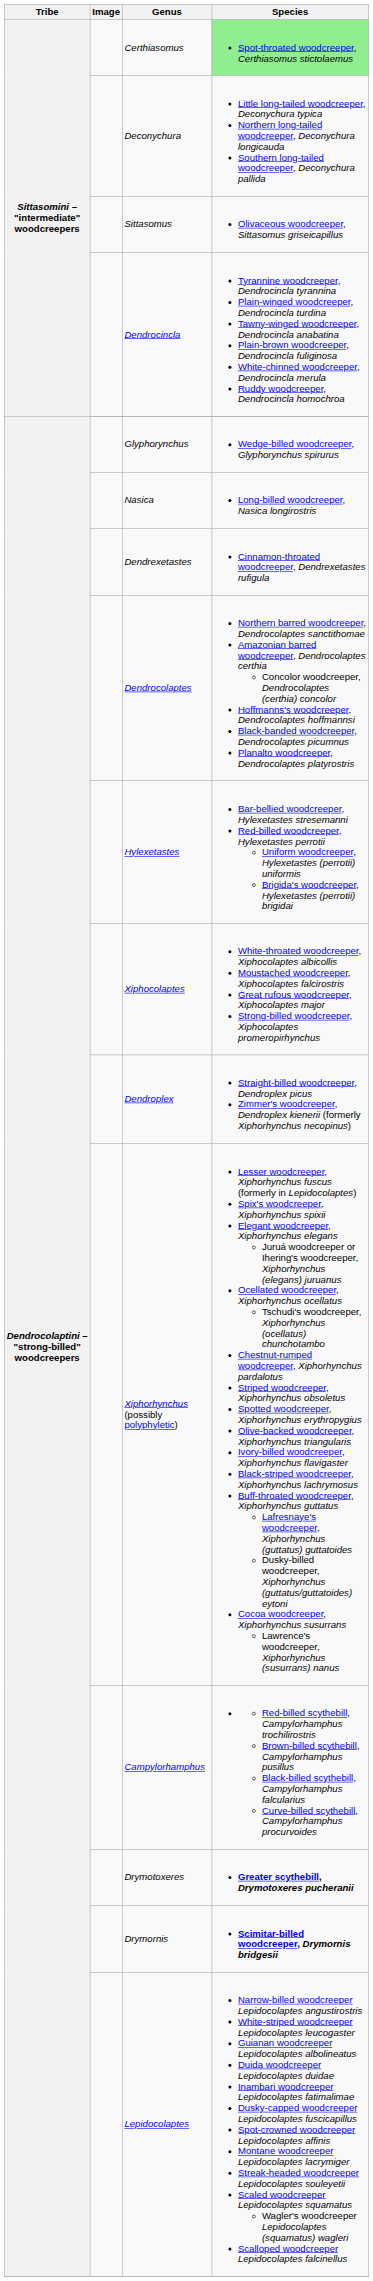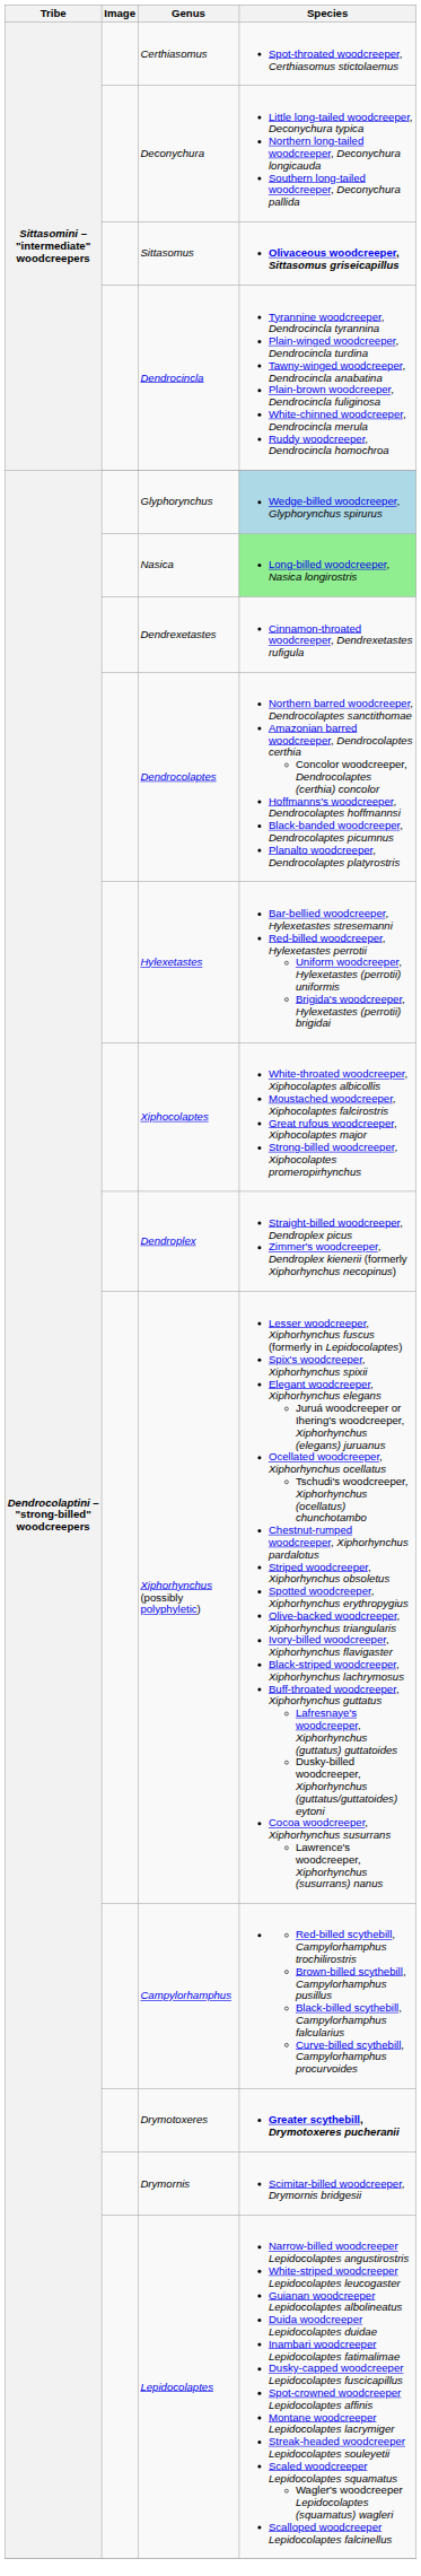 <table class="wikitable collapsible">
 <tr>
 <th>Tribe</th>
 <th>Image</th>
 <th>Genus</th>
 <th>Species</th>
 </tr>
 <tr>
 <th rowspan="4" style="text-align:center;"><em>Sittasomini</em> – "intermediate" woodcreepers </th>
 <td></td>
 <td><em>Certhiasomus</em> </td>
-<td style="background: lightgreen;"><br><ul><li><a href='#'>Spot-throated woodcreeper</a>, <em>Certhiasomus stictolaemus</em></li></ul></td>
+<td><br><ul><li><a href='#'>Spot-throated woodcreeper</a>, <em>Certhiasomus stictolaemus</em></li></ul></td>
 </tr>
 <tr>
 <td></td>
 <td><em>Deconychura</em> </td>
 <td><br><ul><li><a href='#'>Little long-tailed woodcreeper</a>, <em>Deconychura typica</em></li><li><a href='#'>Northern long-tailed woodcreeper</a>, <em>Deconychura longicauda</em></li><li><a href='#'>Southern long-tailed woodcreeper</a>, <em>Deconychura pallida</em></li></ul></td>
 </tr>
 <tr>
 <td></td>
 <td><em>Sittasomus</em> </td>
-<td><br><ul><li><a href='#'>Olivaceous woodcreeper</a>, <em>Sittasomus griseicapillus</em></li></ul></td>
+<td><strong><br><ul><li><a href='#'>Olivaceous woodcreeper</a>, <em>Sittasomus griseicapillus</em></li></ul></strong></td>
 </tr>
 <tr>
 <td></td>
 <td><em><a href='#'>Dendrocincla</a></em> </td>
 <td><br><ul><li><a href='#'>Tyrannine woodcreeper</a>, <em>Dendrocincla tyrannina</em></li><li><a href='#'>Plain-winged woodcreeper</a>, <em>Dendrocincla turdina</em></li><li><a href='#'>Tawny-winged woodcreeper</a>, <em>Dendrocincla anabatina</em></li><li><a href='#'>Plain-brown woodcreeper</a>, <em>Dendrocincla fuliginosa</em></li><li><a href='#'>White-chinned woodcreeper</a>, <em>Dendrocincla merula</em></li><li><a href='#'>Ruddy woodcreeper</a>, <em>Dendrocincla homochroa</em></li></ul></td>
 </tr>
 <tr>
 <th rowspan="13" style="text-align:center;"><em>Dendrocolaptini</em> – "strong-billed" woodcreepers </th>
 </tr>
 <tr>
 <td></td>
 <td><em>Glyphorynchus</em> </td>
-<td><br><ul><li><a href='#'>Wedge-billed woodcreeper</a>, <em>Glyphorynchus spirurus</em></li></ul></td>
+<td style="background: lightblue;"><br><ul><li><a href='#'>Wedge-billed woodcreeper</a>, <em>Glyphorynchus spirurus</em></li></ul></td>
 </tr>
 <tr>
 <td></td>
 <td><em>Nasica</em> </td>
-<td><br><ul><li><a href='#'>Long-billed woodcreeper</a>, <em>Nasica longirostris</em></li></ul></td>
+<td style="background: lightgreen;"><br><ul><li><a href='#'>Long-billed woodcreeper</a>, <em>Nasica longirostris</em></li></ul></td>
 </tr>
 <tr>
 <td></td>
 <td><em>Dendrexetastes</em> </td>
 <td><br><ul><li><a href='#'>Cinnamon-throated woodcreeper</a>, <em>Dendrexetastes rufigula</em></li></ul></td>
 </tr>
 <tr>
 <td></td>
 <td><em><a href='#'>Dendrocolaptes</a></em> </td>
 <td><br><ul><li><a href='#'>Northern barred woodcreeper</a>, <em>Dendrocolaptes sanctithomae</em></li><li><a href='#'>Amazonian barred woodcreeper</a>, <em>Dendrocolaptes certhia</em><ul><li>Concolor woodcreeper, <em>Dendrocolaptes (certhia) concolor</em></li></ul></li><li><a href='#'>Hoffmanns's woodcreeper</a>, <em>Dendrocolaptes hoffmannsi</em></li><li><a href='#'>Black-banded woodcreeper</a>, <em>Dendrocolaptes picumnus</em></li><li><a href='#'>Planalto woodcreeper</a>, <em>Dendrocolaptes platyrostris</em></li></ul></td>
 </tr>
 <tr>
 <td></td>
 <td><em><a href='#'>Hylexetastes</a></em> </td>
 <td><br><ul><li><a href='#'>Bar-bellied woodcreeper</a>, <em>Hylexetastes stresemanni</em></li><li><a href='#'>Red-billed woodcreeper</a>, <em>Hylexetastes perrotii</em><ul><li><a href='#'>Uniform woodcreeper</a>, <em>Hylexetastes (perrotii) uniformis</em></li><li><a href='#'>Brigida's woodcreeper</a>, <em>Hylexetastes (perrotii) brigidai</em></li></ul></li></ul></td>
 </tr>
 <tr>
 <td></td>
 <td><em><a href='#'>Xiphocolaptes</a></em> </td>
 <td><br><ul><li><a href='#'>White-throated woodcreeper</a>, <em>Xiphocolaptes albicollis</em></li><li><a href='#'>Moustached woodcreeper</a>, <em>Xiphocolaptes falcirostris</em></li><li><a href='#'>Great rufous woodcreeper</a>, <em>Xiphocolaptes major</em></li><li><a href='#'>Strong-billed woodcreeper</a>, <em>Xiphocolaptes promeropirhynchus</em></li></ul></td>
 </tr>
 <tr>
 <td></td>
 <td><em><a href='#'>Dendroplex</a></em> </td>
 <td><br><ul><li><a href='#'>Straight-billed woodcreeper</a>, <em>Dendroplex picus</em></li><li><a href='#'>Zimmer's woodcreeper</a>, <em>Dendroplex kienerii</em> (formerly <em>Xiphorhynchus necopinus</em>)</li></ul></td>
 </tr>
 <tr>
 <td></td>
 <td><em><a href='#'>Xiphorhynchus</a></em>  (possibly <a href='#'>polyphyletic</a>)</td>
 <td><br><ul><li><a href='#'>Lesser woodcreeper</a>, <em>Xiphorhynchus fuscus</em> (formerly in <em>Lepidocolaptes</em>)</li><li><a href='#'>Spix's woodcreeper</a>, <em>Xiphorhynchus spixii</em></li><li><a href='#'>Elegant woodcreeper</a>, <em>Xiphorhynchus elegans</em><ul><li>Juruá woodcreeper or Ihering's woodcreeper, <em>Xiphorhynchus (elegans) juruanus</em></li></ul></li><li><a href='#'>Ocellated woodcreeper</a>, <em>Xiphorhynchus ocellatus</em><ul><li>Tschudi's woodcreeper, <em>Xiphorhynchus (ocellatus) chunchotambo</em></li></ul></li><li><a href='#'>Chestnut-rumped woodcreeper</a>, <em>Xiphorhynchus pardalotus</em></li><li><a href='#'>Striped woodcreeper</a>, <em>Xiphorhynchus obsoletus</em></li><li><a href='#'>Spotted woodcreeper</a>, <em>Xiphorhynchus erythropygius</em></li><li><a href='#'>Olive-backed woodcreeper</a>, <em>Xiphorhynchus triangularis</em></li><li><a href='#'>Ivory-billed woodcreeper</a>, <em>Xiphorhynchus flavigaster</em></li><li><a href='#'>Black-striped woodcreeper</a>, <em>Xiphorhynchus lachrymosus</em></li><li><a href='#'>Buff-throated woodcreeper</a>, <em>Xiphorhynchus guttatus</em><ul><li><a href='#'>Lafresnaye's woodcreeper</a>, <em>Xiphorhynchus (guttatus) guttatoides</em></li><li>Dusky-billed woodcreeper, <em>Xiphorhynchus (guttatus/guttatoides) eytoni</em></li></ul></li><li><a href='#'>Cocoa woodcreeper</a>, <em>Xiphorhynchus susurrans</em><ul><li>Lawrence's woodcreeper, <em>Xiphorhynchus (susurrans) nanus</em></li></ul></li></ul></td>
 </tr>
 <tr>
 <td></td>
 <td><em><a href='#'>Campylorhamphus</a></em> </td>
 <td><br><ul><li><ul><li><a href='#'>Red-billed scythebill</a>, <em>Campylorhamphus trochilirostris</em></li><li><a href='#'>Brown-billed scythebill</a>, <em>Campylorhamphus pusillus</em></li><li><a href='#'>Black-billed scythebill</a>, <em>Campylorhamphus falcularius</em></li><li><a href='#'>Curve-billed scythebill</a>, <em>Campylorhamphus procurvoides</em></li></ul></li></ul></td>
 </tr>
 <tr>
 <td></td>
 <td><em>Drymotoxeres</em> </td>
 <td><strong><br><ul><li><a href='#'>Greater scythebill</a>, <em>Drymotoxeres pucheranii</em></li></ul></strong></td>
 </tr>
 <tr>
 <td></td>
 <td><em>Drymornis</em> </td>
-<td><strong><br><ul><li><a href='#'>Scimitar-billed woodcreeper</a>, <em>Drymornis bridgesii</em></li></ul></strong></td>
+<td><br><ul><li><a href='#'>Scimitar-billed woodcreeper</a>, <em>Drymornis bridgesii</em></li></ul></td>
 </tr>
 <tr>
 <td></td>
 <td><em><a href='#'>Lepidocolaptes</a></em> </td>
 <td><br><ul><li><a href='#'>Narrow-billed woodcreeper</a> <em>Lepidocolaptes angustirostris</em></li><li><a href='#'>White-striped woodcreeper</a> <em>Lepidocolaptes leucogaster</em></li><li><a href='#'>Guianan woodcreeper</a> <em>Lepidocolaptes albolineatus</em></li><li><a href='#'>Duida woodcreeper</a> <em>Lepidocolaptes duidae</em></li><li><a href='#'>Inambari woodcreeper</a> <em>Lepidocolaptes fatimalimae</em></li><li><a href='#'>Dusky-capped woodcreeper</a> <em>Lepidocolaptes fuscicapillus</em></li><li><a href='#'>Spot-crowned woodcreeper</a> <em>Lepidocolaptes affinis</em></li><li><a href='#'>Montane woodcreeper</a> <em>Lepidocolaptes lacrymiger</em></li><li><a href='#'>Streak-headed woodcreeper</a> <em>Lepidocolaptes souleyetii</em></li><li><a href='#'>Scaled woodcreeper</a> <em>Lepidocolaptes squamatus</em><ul><li>Wagler's woodcreeper <em>Lepidocolaptes (squamatus) wagleri</em></li></ul></li><li><a href='#'>Scalloped woodcreeper</a> <em>Lepidocolaptes falcinellus</em></li></ul></td>
 </tr>
 <tr>
 </tr>
 </table>
